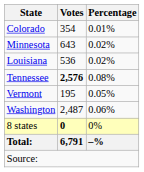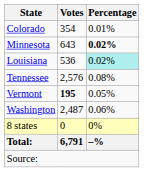 <table class="wikitable mw-collapsible mw-collapsed sortable tpl-blanktable">
 <tr>
 <th>State</th>
 <th>Votes</th>
 <th>Percentage</th>
 </tr>
 <tr>
 <td><a href='#'>Colorado</a></td>
 <td>354</td>
 <td>0.01%</td>
 </tr>
 <tr>
 <td><a href='#'>Minnesota</a></td>
 <td>643</td>
-<td>0.02%</td>
+<td><strong>0.02%</strong></td>
 </tr>
 <tr>
 <td><a href='#'>Louisiana</a></td>
 <td>536</td>
-<td>0.02%</td>
+<td style="background: paleturquoise;">0.02%</td>
 </tr>
 <tr>
 <td><a href='#'>Tennessee</a></td>
-<td><strong>2,576</strong></td>
+<td>2,576</td>
 <td>0.08%</td>
 </tr>
 <tr>
 <td><a href='#'>Vermont</a></td>
-<td>195</td>
+<td><strong>195</strong></td>
 <td>0.05%</td>
 </tr>
 <tr>
 <td><a href='#'>Washington</a></td>
 <td>2,487</td>
 <td>0.06%</td>
 </tr>
 <tr style="background:#FFFFBB">
 <td>8 states</td>
-<td><strong>0</strong></td>
+<td>0</td>
 <td>0%</td>
 </tr>
 <tr>
 <th style="text-align:left;">Total:</th>
 <th style="text-align:left;">6,791</th>
 <th style="text-align:left;">–%</th>
 </tr>
 <tr>
 <td colspan="3" style="text-align:left;">Source: </td>
 </tr>
 </table>
